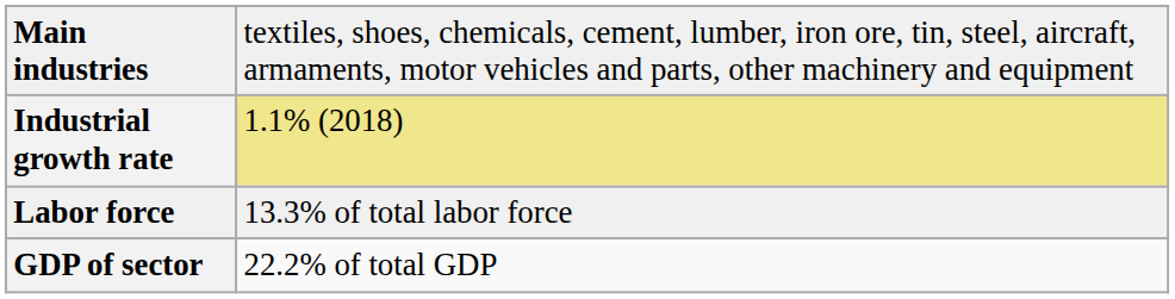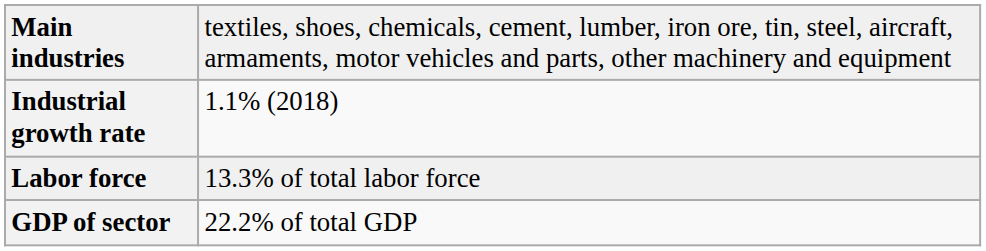 <table width="25%" style="toc: 25em; font-size: 85%; lucida grande, sans-serif; text-align: left;" class="wikitable floatright">
 <tr>
 <th style="background:#f0f0f0; text-align:left; vertical-align:top">Main industries</th>
 <td style="background:#f0f0f0; vertical-align:top">textiles, shoes, chemicals, cement, lumber, iron ore, tin, steel, aircraft, armaments, motor vehicles and parts, other machinery and equipment</td>
 </tr>
 <tr>
 <th style="text-align:left; vertical-align:top">Industrial growth rate</th>
-<td style="background: khaki; vertical-align:top">1.1% (2018)</td>
+<td style="vertical-align:top">1.1% (2018)</td>
 </tr>
 <tr>
 <th style="background:#f0f0f0; text-align:left; vertical-align:top">Labor force</th>
 <td style="background:#f0f0f0; vertical-align:top">13.3% of total labor force</td>
 </tr>
 <tr>
 <th style="text-align:left; vertical-align:top">GDP of sector</th>
 <td style="vertical-align:top">22.2% of total GDP</td>
 </tr>
 </table>
